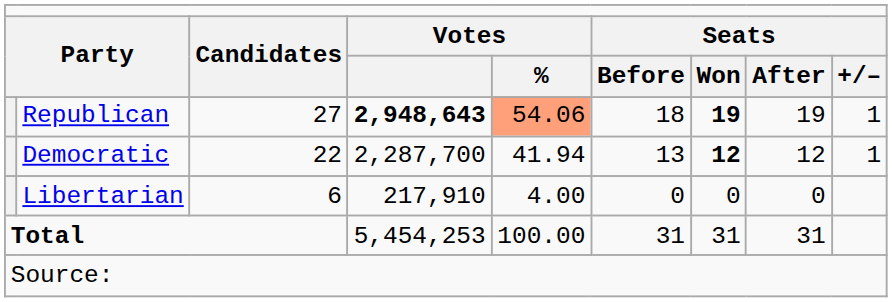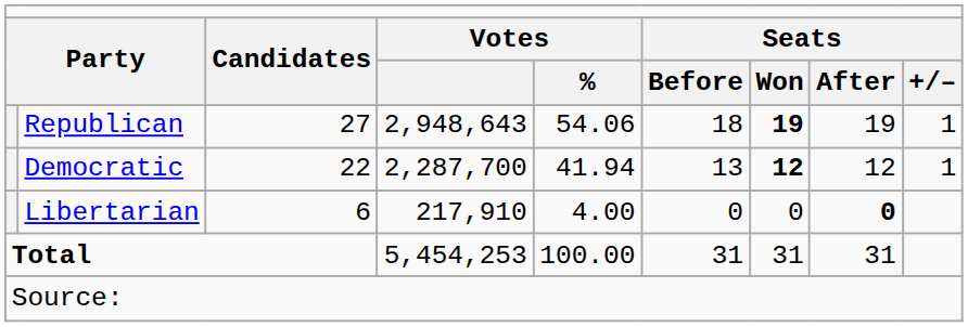 <table class="wikitable">
 <tr>
 <td colspan="15" style="text-align:center;"></td>
 </tr>
 <tr>
 <th rowspan="2" colspan="2">Party</th>
 <th rowspan="2">Candidates</th>
 <th colspan="2">Votes</th>
 <th colspan="4">Seats</th>
 </tr>
 <tr>
 <th></th>
 <th>%</th>
 <th>Before</th>
 <th>Won</th>
 <th>After</th>
 <th>+/–</th>
 </tr>
 <tr>
 <th style="background-color:"></th>
 <td><a href='#'>Republican</a></td>
 <td style="text-align:right;">27</td>
-<td style="text-align:right;"><strong>2,948,643</strong></td>
-<td style="background: lightsalmon; text-align:right;">54.06</td>
+<td style="text-align:right;">2,948,643</td>
+<td style="text-align:right;">54.06</td>
 <td style="text-align:right;">18</td>
 <td style="text-align:right;"><strong>19</strong></td>
 <td style="text-align:right;">19</td>
 <td style="text-align:right;"> 1</td>
 </tr>
 <tr>
 <th style="background-color:"></th>
 <td><a href='#'>Democratic</a></td>
 <td style="text-align:right;">22</td>
 <td style="text-align:right;">2,287,700</td>
 <td style="text-align:right;">41.94</td>
 <td style="text-align:right;">13</td>
 <td style="text-align:right;"><strong>12</strong></td>
 <td style="text-align:right;">12</td>
 <td style="text-align:right;"> 1</td>
 </tr>
 <tr>
 <th style="background-color:"></th>
 <td><a href='#'>Libertarian</a></td>
 <td style="text-align:right;">6</td>
 <td style="text-align:right;">217,910</td>
 <td style="text-align:right;">4.00</td>
 <td style="text-align:right;">0</td>
 <td style="text-align:right;">0</td>
-<td style="text-align:right;">0</td>
+<td style="text-align:right;"><strong>0</strong></td>
 <td style="text-align:right;"></td>
 </tr>
 <tr>
 <td colspan="3" style="text-align:left;"><strong>Total</strong></td>
 <td style="text-align:right;">5,454,253</td>
 <td style="text-align:right;">100.00</td>
 <td style="text-align:right;">31</td>
 <td style="text-align:right;">31</td>
 <td style="text-align:right;">31</td>
 <td style="text-align:right;"></td>
 </tr>
 <tr>
 <td colspan="10">Source:</td>
 </tr>
 </table>
